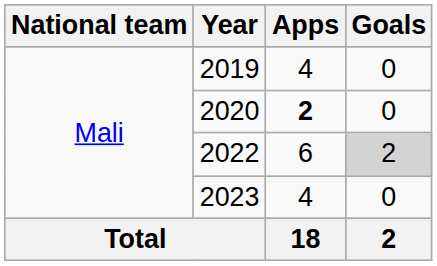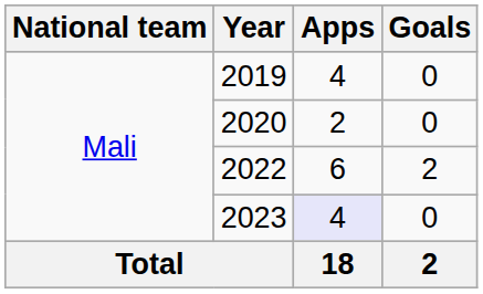 <table class="wikitable" style="text-align: center;">
 <tr>
 <th>National team</th>
 <th>Year</th>
 <th>Apps</th>
 <th>Goals</th>
 </tr>
 <tr>
 <td rowspan="4"><a href='#'>Mali</a></td>
 <td>2019</td>
 <td>4</td>
 <td>0</td>
 </tr>
 <tr>
 <td>2020</td>
-<td><strong>2</strong></td>
+<td>2</td>
 <td>0</td>
 </tr>
 <tr>
 <td>2022</td>
 <td>6</td>
-<td style="background: lightgrey;">2</td>
+<td>2</td>
 </tr>
 <tr>
 <td>2023</td>
-<td>4</td>
+<td style="background: lavender;">4</td>
 <td>0</td>
 </tr>
 <tr>
 <th colspan="2">Total</th>
 <th>18</th>
 <th>2</th>
 </tr>
 </table>
